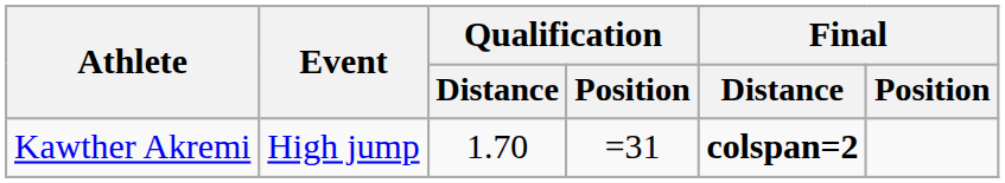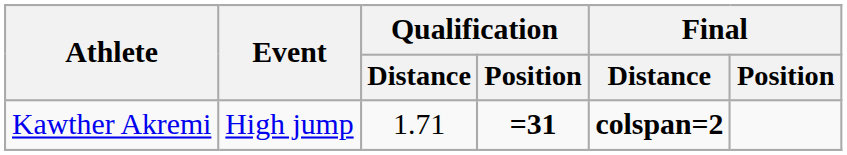 <table class=wikitable style=font-size:90%>
 <tr>
 <th rowspan=2>Athlete</th>
 <th rowspan=2>Event</th>
 <th colspan=2>Qualification</th>
 <th colspan=2>Final</th>
 </tr>
 <tr style=font-size:95%>
 <th>Distance</th>
 <th>Position</th>
 <th>Distance</th>
 <th>Position</th>
 </tr>
 <tr align=center>
 <td align=left><a href='#'>Kawther Akremi</a></td>
 <td align=left><a href='#'>High jump</a></td>
-<td>1.70</td>
-<td>=31</td>
+<td>1.71</td>
+<td><strong>=31</strong></td>
 <td><strong>colspan=2 </strong></td>
 </tr>
 </table>
